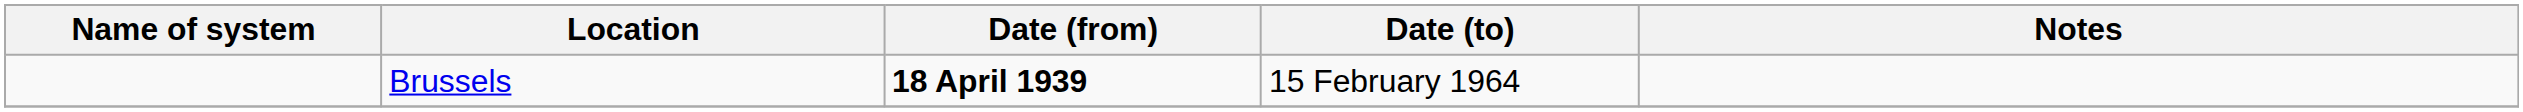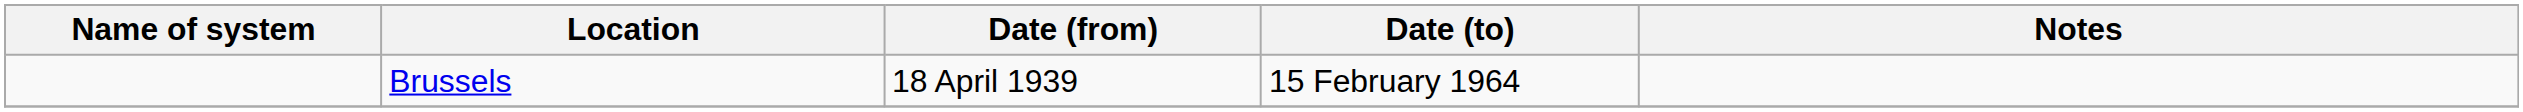 <table class="wikitable" width=100%>
 <tr>
 <th width=15%>Name of system</th>
 <th width=20%>Location</th>
 <th width=15%>Date (from)</th>
 <th width=15%>Date (to)</th>
 <th width=35%>Notes</th>
 </tr>
 <tr>
 <td> </td>
 <td><a href='#'>Brussels</a></td>
-<td><strong>18 April 1939</strong></td>
+<td>18 April 1939</td>
 <td>15 February 1964</td>
 <td> </td>
 </tr>
 <tr>
 </tr>
 </table>
